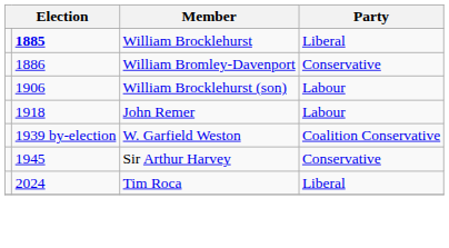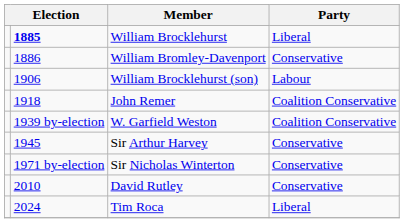 <table class="wikitable">
 <tr>
 <th colspan="2">Election</th>
 <th>Member</th>
 <th>Party</th>
 </tr>
 <tr>
 <td style="color:inherit;background-color: "></td>
 <td><strong><a href='#'>1885</a></strong></td>
 <td><a href='#'>William Brocklehurst</a></td>
 <td><a href='#'>Liberal</a></td>
 </tr>
 <tr>
 <td style="color:inherit;background-color: "></td>
 <td><a href='#'>1886</a></td>
 <td><a href='#'>William Bromley-Davenport</a></td>
 <td><a href='#'>Conservative</a></td>
 </tr>
 <tr>
 <td style="color:inherit;background-color: "></td>
 <td><a href='#'>1906</a></td>
 <td><a href='#'>William Brocklehurst (son)</a></td>
 <td><a href='#'>Labour</a></td>
 </tr>
 <tr>
 <td style="color:inherit;background-color: "></td>
 <td><a href='#'>1918</a></td>
 <td><a href='#'>John Remer</a></td>
-<td><a href='#'>Labour</a></td>
+<td><a href='#'>Coalition Conservative</a></td>
 </tr>
 <tr>
 <td style="color:inherit;background-color: "></td>
 <td><a href='#'>1939 by-election</a></td>
 <td><a href='#'>W. Garfield Weston</a></td>
 <td><a href='#'>Coalition Conservative</a></td>
 </tr>
 <tr>
 <td style="color:inherit;background-color: "></td>
 <td><a href='#'>1945</a></td>
 <td>Sir <a href='#'>Arthur Harvey</a></td>
 <td><a href='#'>Conservative</a></td>
 </tr>
 <tr>
 <td style="color:inherit;background-color: "></td>
+<td><a href='#'>1971 by-election</a></td>
+<td>Sir <a href='#'>Nicholas Winterton</a></td>
+<td><a href='#'>Conservative</a></td>
+</tr>
+<tr>
+<td style="color:inherit;background-color: "></td>
+<td><a href='#'>2010</a></td>
+<td><a href='#'>David Rutley</a></td>
+<td><a href='#'>Conservative</a></td>
+</tr>
+<tr>
+<td style="color:inherit;background-color: "></td>
 <td><a href='#'>2024</a></td>
 <td><a href='#'>Tim Roca</a></td>
 <td><a href='#'>Liberal</a></td>
 </tr>
 <tr>
 </tr>
 </table>
